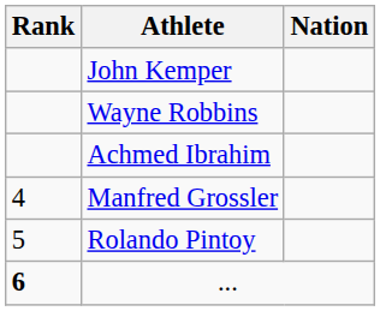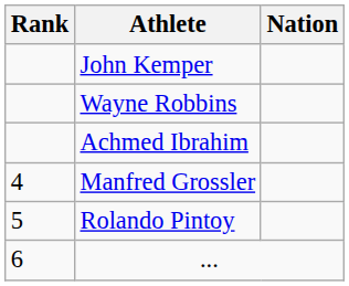 <table class="wikitable sortable" style="text-align:left">
 <tr>
 <th scope=col>Rank</th>
 <th scope=col>Athlete</th>
 <th scope=col>Nation</th>
 </tr>
 <tr>
 <td></td>
 <td align=left><a href='#'>John Kemper</a></td>
 <td></td>
 </tr>
 <tr>
 <td></td>
 <td align=left><a href='#'>Wayne Robbins</a></td>
 <td></td>
 </tr>
 <tr>
 <td></td>
 <td align=left><a href='#'>Achmed Ibrahim</a></td>
 <td></td>
 </tr>
 <tr>
 <td>4</td>
 <td align=left><a href='#'>Manfred Grossler</a></td>
 <td></td>
 </tr>
 <tr>
 <td>5</td>
 <td align=left><a href='#'>Rolando Pintoy</a></td>
 <td></td>
 </tr>
 <tr>
-<td><strong>6</strong></td>
+<td>6</td>
 <td align=center colspan=2>...</td>
 </tr>
 </table>
